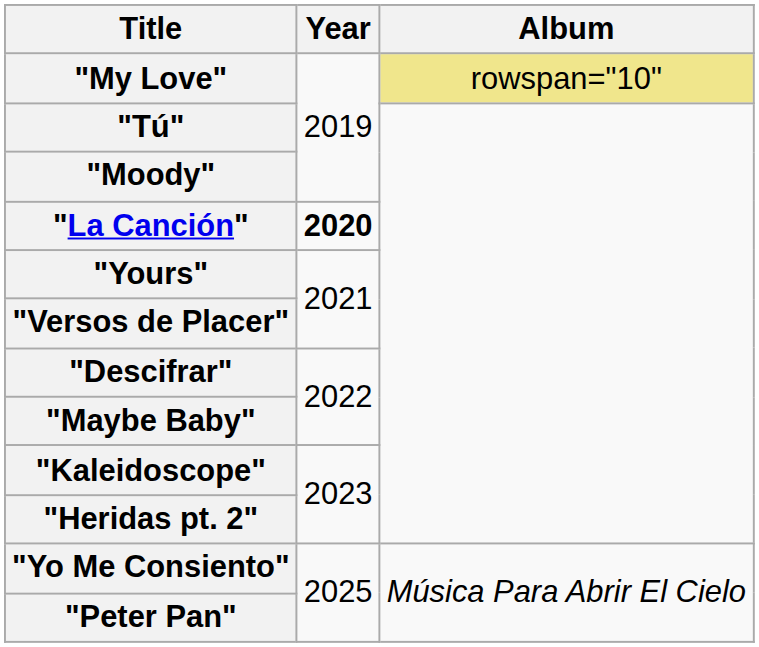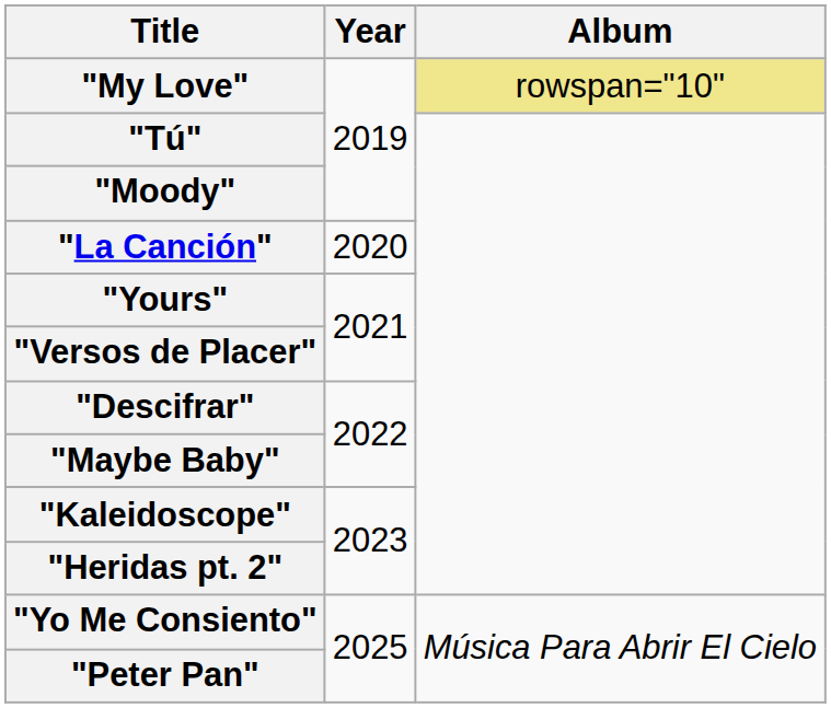 <table class="wikitable plainrowheaders" style="text-align:center;">
 <tr>
 <th scope="col">Title</th>
 <th scope="col">Year</th>
 <th scope="col">Album</th>
 </tr>
 <tr>
 <th scope="row">"My Love"</th>
 <td rowspan="3">2019</td>
 <td style="background: khaki;">rowspan="10" </td>
 </tr>
 <tr>
 <th scope="row">"Tú"</th>
 </tr>
 <tr>
 <th scope="row">"Moody"</th>
 </tr>
 <tr>
 <th scope="row">"<a href='#'>La Canción</a>"</th>
-<td><strong>2020</strong></td>
+<td>2020</td>
 </tr>
 <tr>
 <th scope="row">"Yours"</th>
 <td rowspan="2">2021</td>
 </tr>
 <tr>
 <th scope="row">"Versos de Placer"</th>
 </tr>
 <tr>
 <th scope="row">"Descifrar"</th>
 <td rowspan="2">2022</td>
 </tr>
 <tr>
 <th scope="row">"Maybe Baby"</th>
 </tr>
 <tr>
 <th scope="row">"Kaleidoscope"</th>
 <td rowspan="2">2023</td>
 </tr>
 <tr>
 <th scope="row">"Heridas pt. 2"<br></th>
 </tr>
 <tr>
 <th scope="row">"Yo Me Consiento"</th>
 <td rowspan="2">2025</td>
 <td rowspan="2"><em>Música Para Abrir El Cielo</em></td>
 </tr>
 <tr>
 <th scope="row">"Peter Pan"</th>
 </tr>
 </table>
